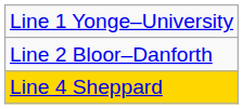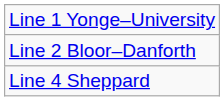 <table class="wikitable">
 <tr>
 <td> <a href='#'>Line 1 Yonge–University</a></td>
 </tr>
 <tr>
 <td> <a href='#'>Line 2 Bloor–Danforth</a></td>
 </tr>
 <tr>
-<td style="background: gold;"> <a href='#'>Line 4 Sheppard</a></td>
+<td> <a href='#'>Line 4 Sheppard</a></td>
 </tr>
 </table>
